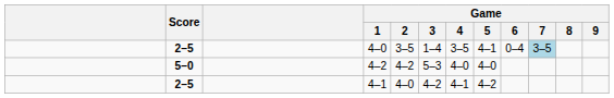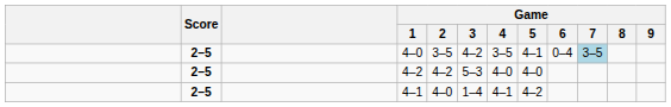 <table class="wikitable" style="text-align: center;">
 <tr>
 <th rowspan=2 align="right" width="270"></th>
 <th rowspan=2 width="45">Score</th>
 <th rowspan=2 align="left" width="270"></th>
 <th colspan=9>Game</th>
 </tr>
 <tr>
 <th width="35">1</th>
 <th width="35">2</th>
 <th width="35">3</th>
 <th width="35">4</th>
 <th width="35">5</th>
 <th width="35">6</th>
 <th width="35">7</th>
 <th width="35">8</th>
 <th width="35">9</th>
 </tr>
 <tr>
 <td align=left><br></td>
 <td align=center><strong>2–5</strong></td>
 <td align=left><strong><br></strong></td>
 <td>4–0</td>
 <td>3–5</td>
-<td>1–4</td>
+<td>4–2</td>
 <td>3–5</td>
 <td>4–1</td>
 <td>0–4</td>
 <td style="background: lightblue;">3–5</td>
 <td></td>
 <td></td>
 </tr>
 <tr>
 <td align=left><strong><br></strong></td>
-<td align=center><strong>5–0</strong></td>
+<td align=center><strong>2–5</strong></td>
 <td align=left><br></td>
 <td>4–2</td>
 <td>4–2</td>
 <td>5–3</td>
 <td>4–0</td>
 <td>4–0</td>
 <td></td>
 <td></td>
 <td></td>
 <td></td>
 </tr>
 <tr>
 <td align=left><strong><br></strong></td>
 <td align=center><strong>2–5</strong></td>
 <td align=left><br></td>
 <td>4–1</td>
 <td>4–0</td>
-<td>4–2</td>
+<td>1–4</td>
 <td>4–1</td>
 <td>4–2</td>
 <td></td>
 <td></td>
 <td></td>
 <td></td>
 </tr>
 </table>
